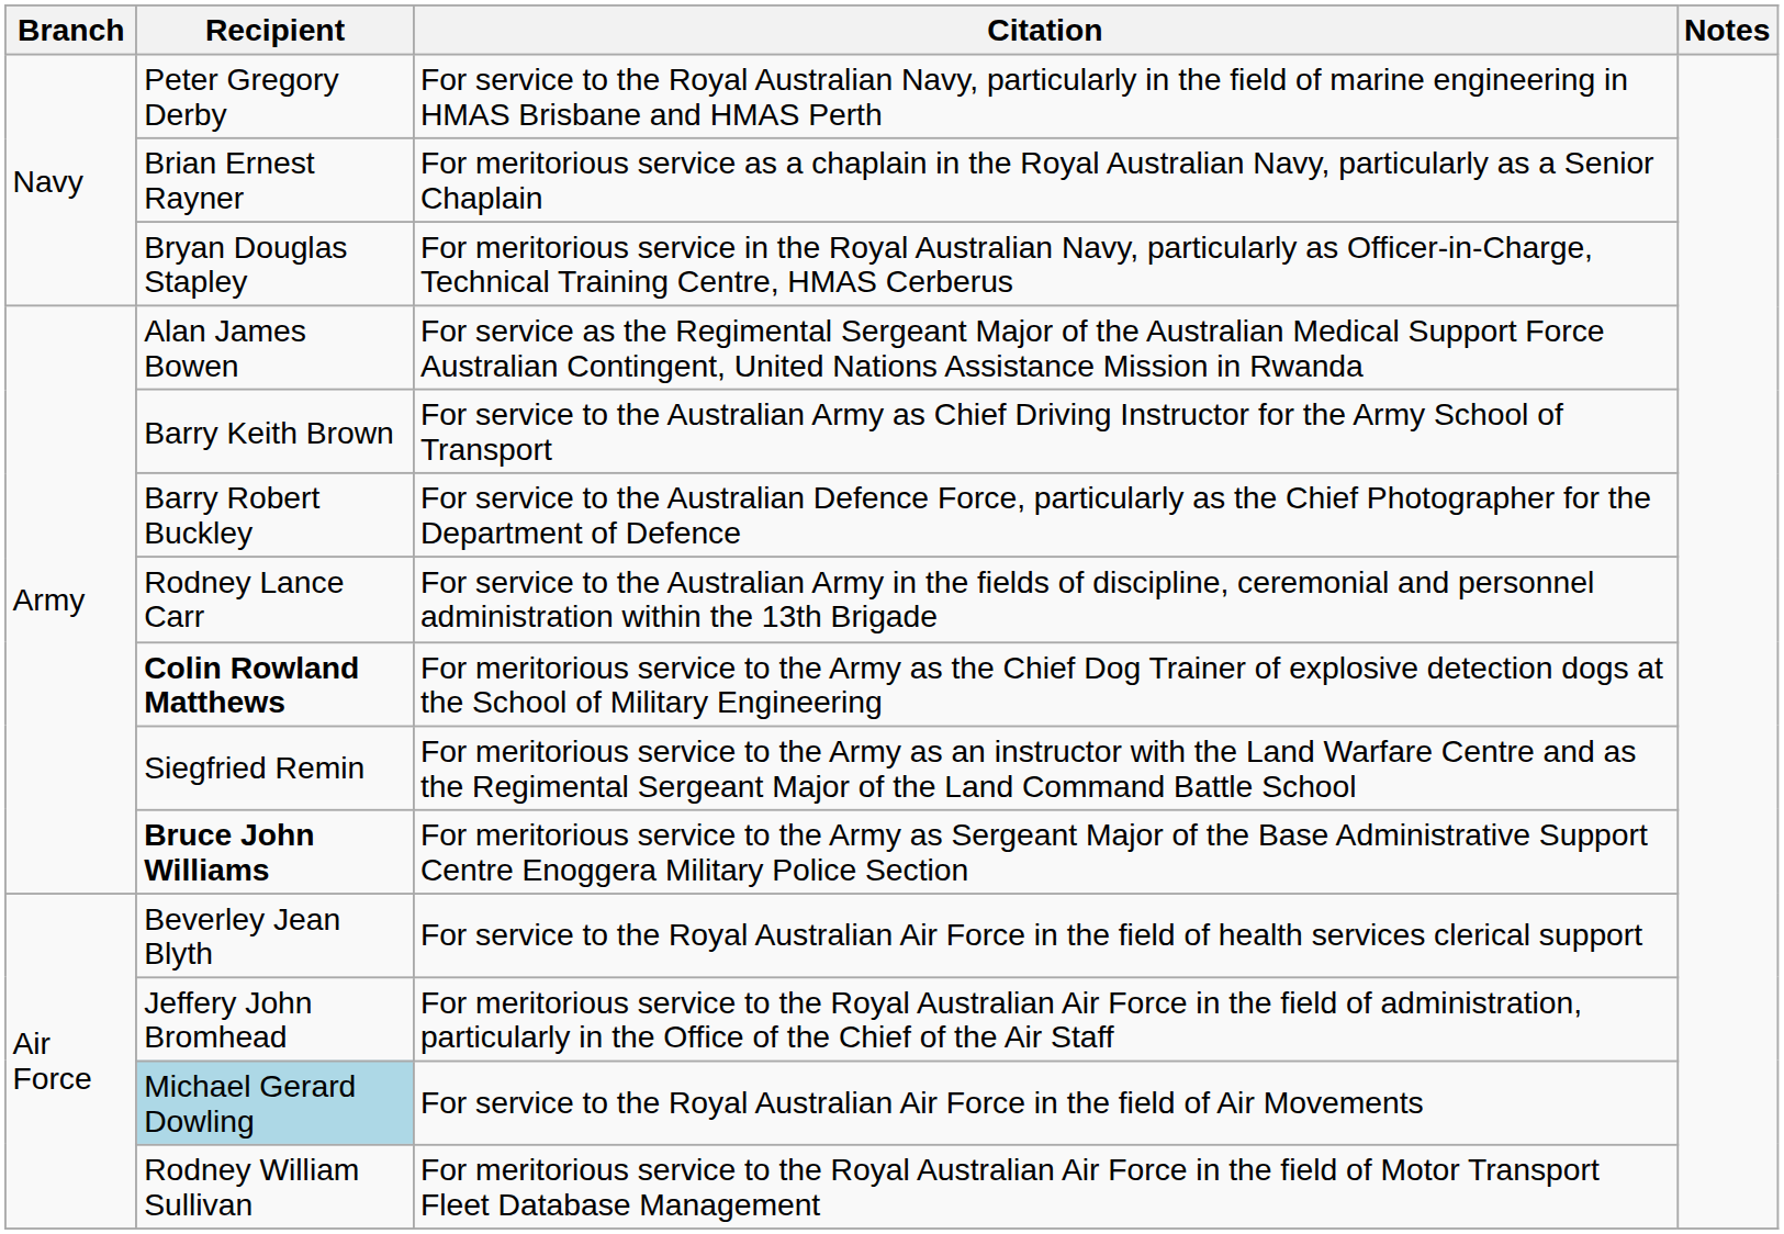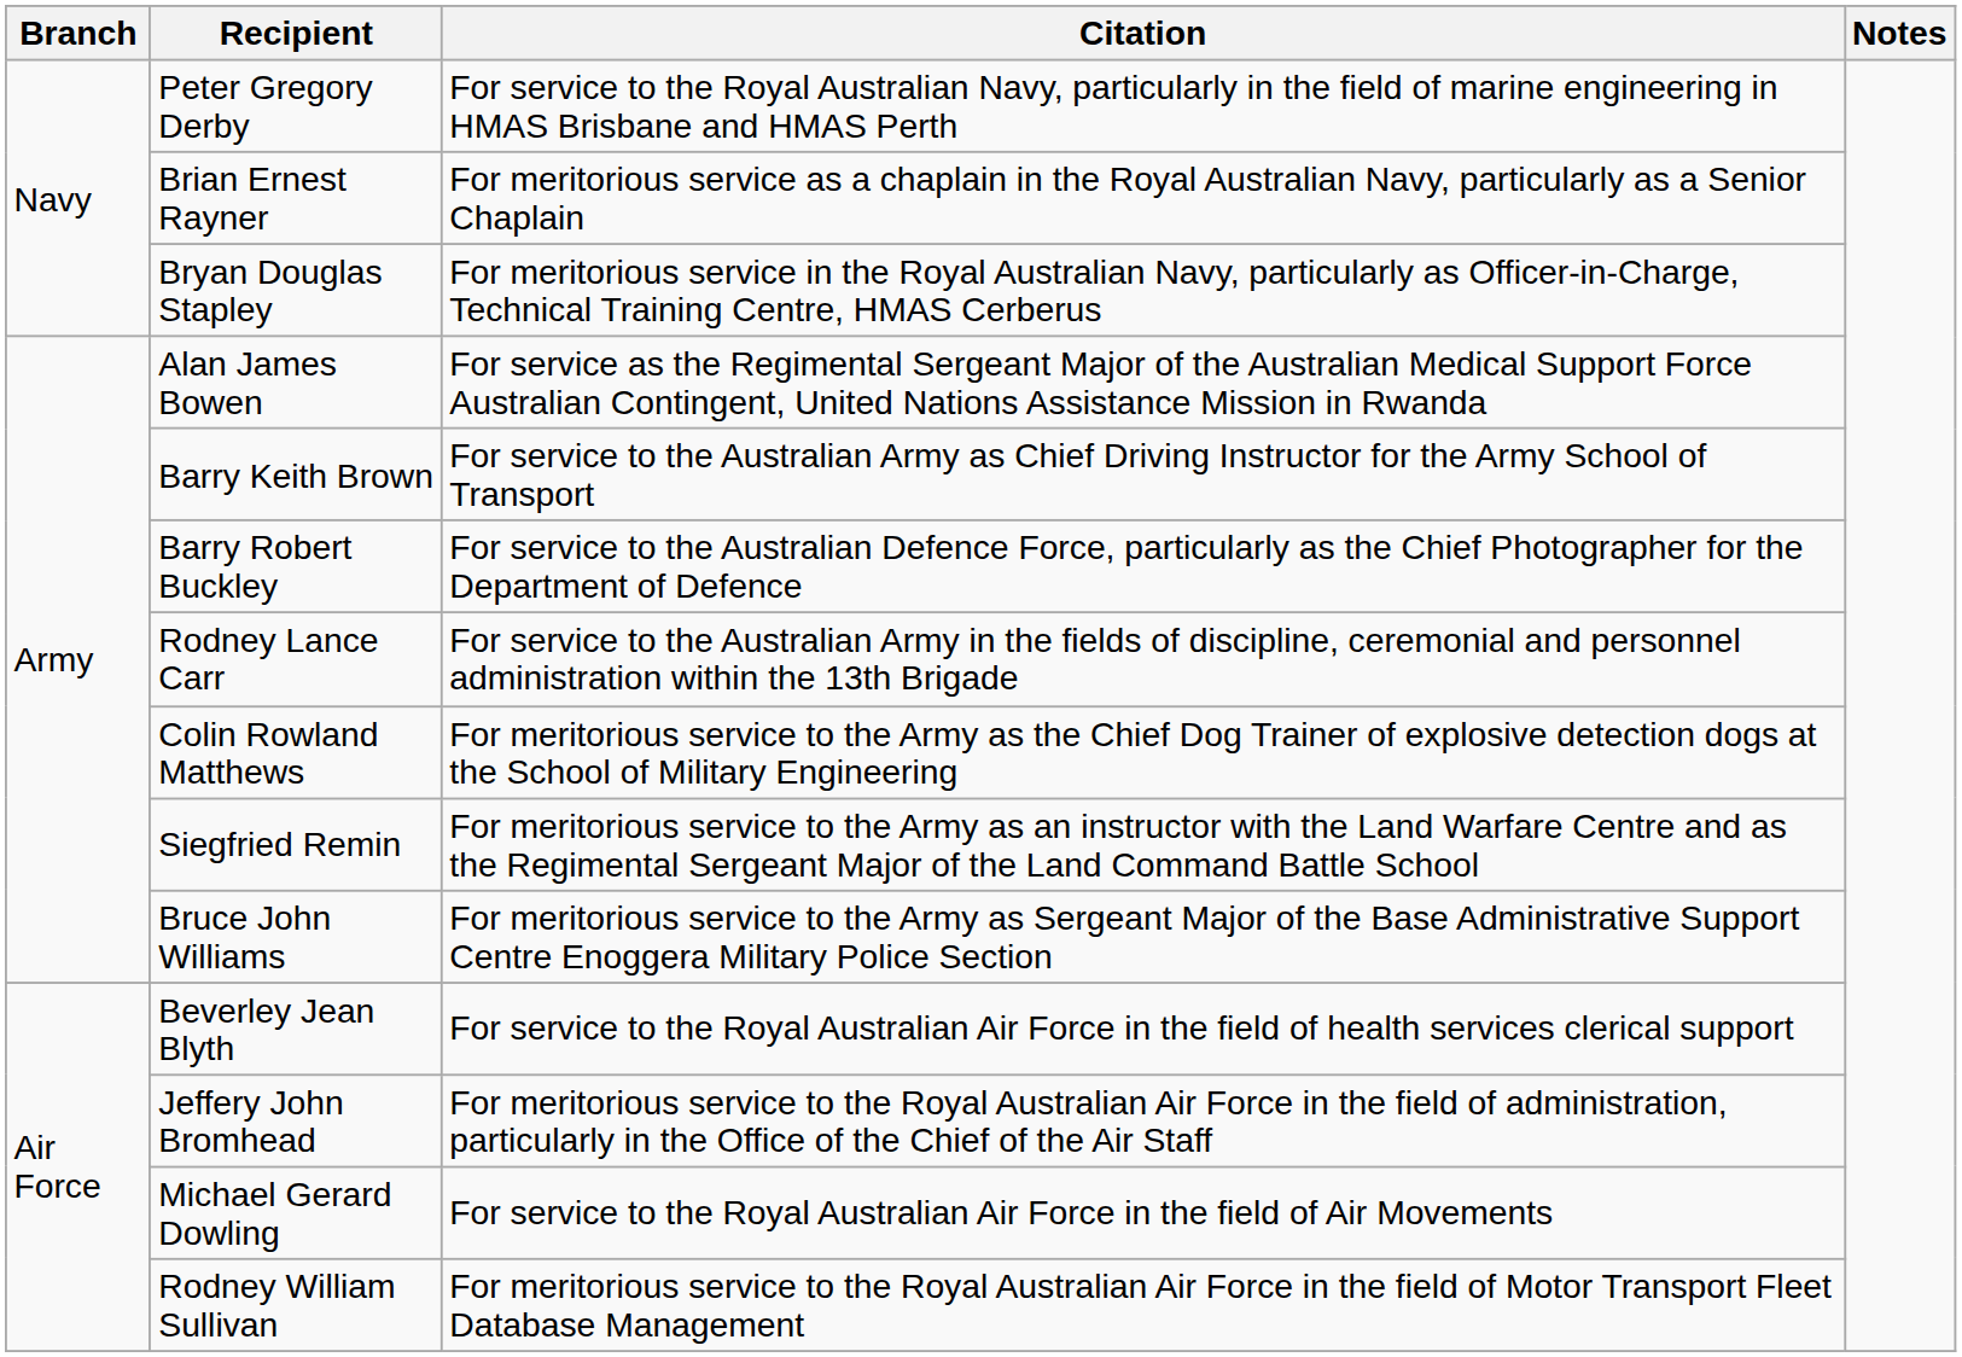 <table class="wikitable" style="font-size:95%;">
 <tr>
 <th>Branch</th>
 <th>Recipient</th>
 <th>Citation</th>
 <th>Notes</th>
 </tr>
 <tr>
 <td rowspan=3>Navy</td>
 <td> Peter Gregory Derby</td>
 <td>For service to the Royal Australian Navy, particularly in the field of marine engineering in HMAS Brisbane and HMAS Perth</td>
 <td rowspan=14></td>
 </tr>
 <tr>
 <td> Brian Ernest Rayner</td>
 <td>For meritorious service as a chaplain in the Royal Australian Navy, particularly as a Senior Chaplain</td>
 </tr>
 <tr>
 <td> Bryan Douglas Stapley</td>
 <td>For meritorious service in the Royal Australian Navy, particularly as Officer-in-Charge, Technical Training Centre, HMAS Cerberus</td>
 </tr>
 <tr>
 <td rowspan=7>Army</td>
 <td> Alan James Bowen</td>
 <td>For service as the Regimental Sergeant Major of the Australian Medical Support Force Australian Contingent, United Nations Assistance Mission in Rwanda</td>
 </tr>
 <tr>
 <td> Barry Keith Brown</td>
 <td>For service to the Australian Army as Chief Driving Instructor for the Army School of Transport</td>
 </tr>
 <tr>
 <td> Barry Robert Buckley</td>
 <td>For service to the Australian Defence Force, particularly as the Chief Photographer for the Department of Defence</td>
 </tr>
 <tr>
 <td> Rodney Lance Carr</td>
 <td>For service to the Australian Army in the fields of discipline, ceremonial and personnel administration within the 13th Brigade</td>
 </tr>
 <tr>
-<td><strong> Colin Rowland Matthews</strong></td>
+<td> Colin Rowland Matthews</td>
 <td>For meritorious service to the Army as the Chief Dog Trainer of explosive detection dogs at the School of Military Engineering</td>
 </tr>
 <tr>
 <td> Siegfried Remin</td>
 <td>For meritorious service to the Army as an instructor with the Land Warfare Centre and as the Regimental Sergeant Major of the Land Command Battle School</td>
 </tr>
 <tr>
-<td><strong> Bruce John Williams</strong></td>
+<td> Bruce John Williams</td>
 <td>For meritorious service to the Army as Sergeant Major of the Base Administrative Support Centre Enoggera Military Police Section</td>
 </tr>
 <tr>
 <td rowspan=4>Air Force</td>
 <td> Beverley Jean Blyth</td>
 <td>For service to the Royal Australian Air Force in the field of health services clerical support</td>
 </tr>
 <tr>
 <td> Jeffery John Bromhead</td>
 <td>For meritorious service to the Royal Australian Air Force in the field of administration, particularly in the Office of the Chief of the Air Staff</td>
 </tr>
 <tr>
-<td style="background: lightblue;"> Michael Gerard Dowling</td>
+<td> Michael Gerard Dowling</td>
 <td>For service to the Royal Australian Air Force in the field of Air Movements</td>
 </tr>
 <tr>
 <td> Rodney William Sullivan</td>
 <td>For meritorious service to the Royal Australian Air Force in the field of Motor Transport Fleet Database Management</td>
 </tr>
 </table>
